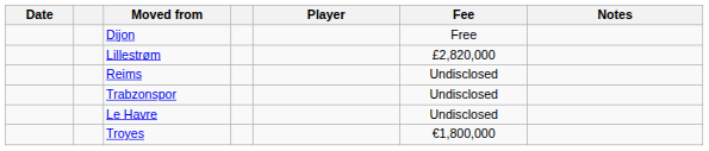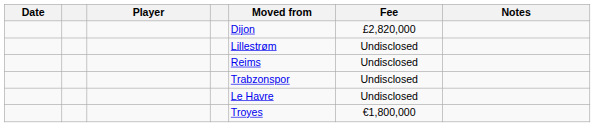 <table class="wikitable sortable">
 <tr>
 <th style="width:80px;">Date</th>
 <th style="width:30px;"></th>
+<th style="width:180px;">Player</th>
+<th style="width:20px;"></th>
 <th style="width:155px;">Moved from</th>
-<th style="width:20px;"></th>
-<th style="width:180px;">Player</th>
 <th style="width:155px;" class="unsortable">Fee</th>
 <th style="width:215px;" class="unsortable">Notes</th>
 </tr>
 <tr>
 <td></td>
 <td align=center></td>
+<td> </td>
+<td></td>
 <td> <a href='#'>Dijon</a></td>
-<td></td>
-<td> </td>
-<td align=center>Free</td>
-<td align=center></td>
-</tr>
-<tr>
-<td></td>
-<td align=center></td>
-<td> <a href='#'>Lillestrøm</a></td>
-<td></td>
-<td> </td>
 <td align=center>£2,820,000</td>
 <td align=center></td>
 </tr>
 <tr>
 <td></td>
 <td align=center></td>
-<td> <a href='#'>Reims</a></td>
+<td> </td>
 <td></td>
-<td> </td>
+<td> <a href='#'>Lillestrøm</a></td>
 <td align=center>Undisclosed</td>
 <td align=center></td>
 </tr>
 <tr>
 <td></td>
 <td align=center></td>
-<td> <a href='#'>Trabzonspor</a></td>
+<td> </td>
 <td></td>
-<td> </td>
+<td> <a href='#'>Reims</a></td>
 <td align=center>Undisclosed</td>
 <td align=center></td>
 </tr>
 <tr>
 <td></td>
 <td align=center></td>
-<td> <a href='#'>Le Havre</a></td>
+<td> </td>
 <td></td>
-<td> </td>
+<td> <a href='#'>Trabzonspor</a></td>
 <td align=center>Undisclosed</td>
 <td align=center></td>
 </tr>
 <tr>
 <td></td>
 <td align=center></td>
+<td> </td>
+<td></td>
+<td> <a href='#'>Le Havre</a></td>
+<td align=center>Undisclosed</td>
+<td align=center></td>
+</tr>
+<tr>
+<td></td>
+<td align=center></td>
+<td> </td>
+<td></td>
 <td> <a href='#'>Troyes</a></td>
-<td></td>
-<td> </td>
 <td align=center>€1,800,000</td>
 <td align=center></td>
 </tr>
 </table>
